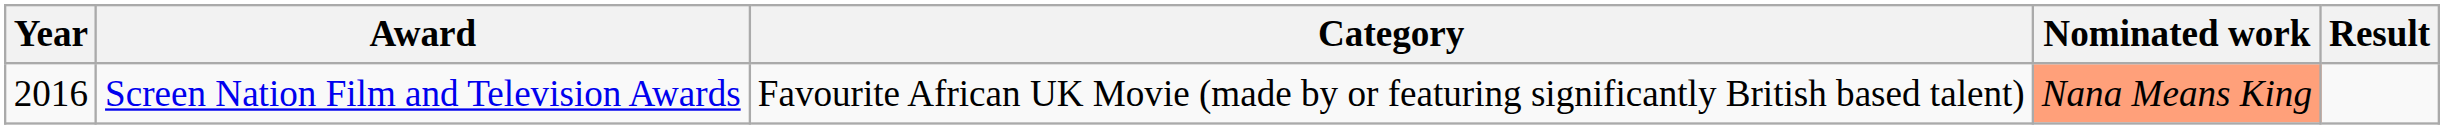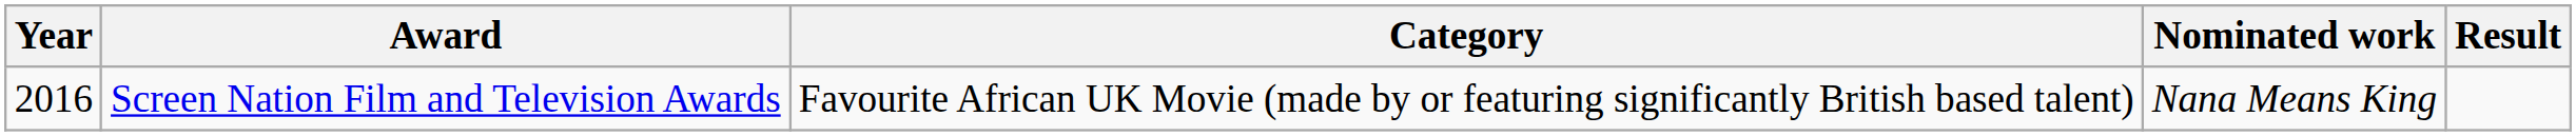 <table class="wikitable sortable">
 <tr>
 <th>Year</th>
 <th>Award</th>
 <th>Category</th>
 <th>Nominated work</th>
 <th>Result</th>
 </tr>
 <tr>
 <td rowspan=2>2016</td>
 <td rowspan=2><a href='#'>Screen Nation Film and Television Awards </a></td>
 <td>Favourite African UK Movie (made by or featuring significantly British based talent)</td>
-<td style="background: lightsalmon;"><em>Nana Means King</em></td>
+<td><em>Nana Means King</em></td>
 <td></td>
 </tr>
 </table>
